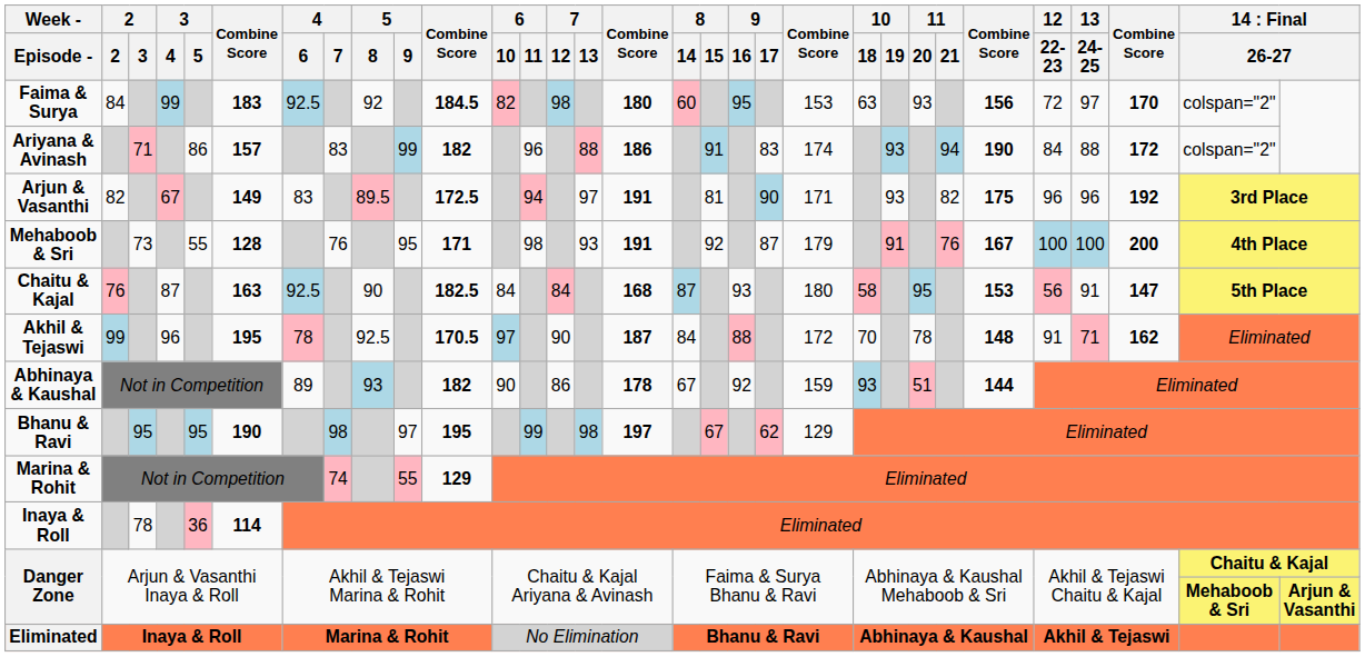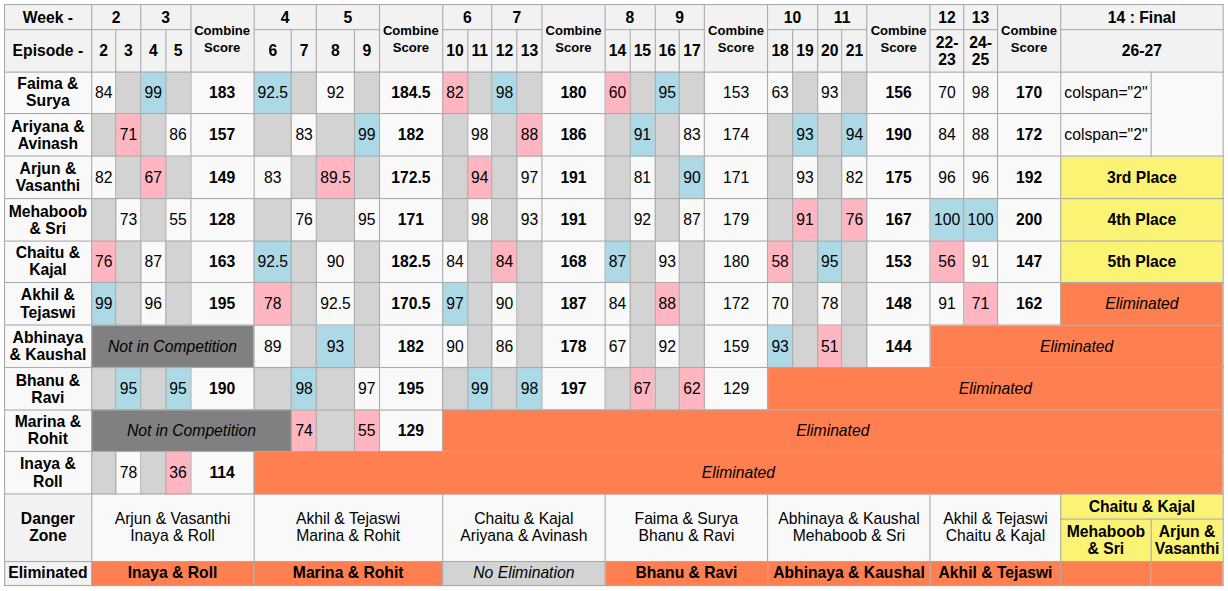 <table class="wikitable sortable" style="text-align:center; font-size:90%;">
 <tr>
 <th>Week -</th>
 <th colspan="2">2</th>
 <th colspan="2">3</th>
 <th rowspan="2"><small>Combine<br>Score</small></th>
 <th colspan="2">4</th>
 <th colspan="2">5</th>
 <th rowspan="2"><small>Combine<br>Score</small></th>
 <th colspan="2">6</th>
 <th colspan="2">7</th>
 <th rowspan="2"><small>Combine<br>Score</small></th>
 <th colspan="2">8</th>
 <th colspan="2">9</th>
 <th rowspan="2"><small>Combine<br>Score</small></th>
 <th colspan="2">10</th>
 <th colspan="2">11</th>
 <th rowspan="2"><small>Combine<br>Score</small></th>
 <th>12</th>
 <th>13</th>
 <th rowspan="2"><small>Combine<br>Score</small></th>
 <th colspan="2">14 : Final</th>
 </tr>
 <tr>
 <th>Episode -</th>
 <th>2</th>
 <th>3</th>
 <th>4</th>
 <th>5</th>
 <th>6</th>
 <th>7</th>
 <th>8</th>
 <th>9</th>
 <th>10</th>
 <th>11</th>
 <th>12</th>
 <th>13</th>
 <th>14</th>
 <th>15</th>
 <th>16</th>
 <th>17</th>
 <th>18</th>
 <th>19</th>
 <th>20</th>
 <th>21</th>
 <th>22-23</th>
 <th>24-25</th>
 <th colspan="2">26-27</th>
 </tr>
 <tr>
 <td><strong>Faima & Surya</strong></td>
 <td>84</td>
 <td bgcolor="lightgrey"></td>
 <td bgcolor="lightblue">99</td>
 <td bgcolor="lightgrey"></td>
 <td><strong>183</strong></td>
 <td bgcolor="lightblue">92.5</td>
 <td bgcolor="lightgrey"></td>
 <td>92</td>
 <td bgcolor="lightgrey"></td>
 <td><strong>184.5</strong></td>
 <td bgcolor="lightpink">82</td>
 <td bgcolor="lightgrey"></td>
 <td bgcolor="lightblue">98</td>
 <td bgcolor="lightgrey"></td>
 <td><strong>180</strong></td>
 <td bgcolor="lightpink">60</td>
 <td bgcolor="lightgrey"></td>
 <td bgcolor="lightblue">95</td>
 <td bgcolor="lightgrey"></td>
 <td>153</td>
 <td>63</td>
 <td bgcolor="lightgrey"></td>
 <td>93</td>
 <td bgcolor="lightgrey"></td>
 <td><strong>156</strong></td>
-<td>72</td>
-<td>97</td>
+<td>70</td>
+<td>98</td>
 <td><strong>170</strong></td>
 <td>colspan="2" </td>
 </tr>
 <tr>
 <td><strong>Ariyana & Avinash</strong></td>
 <td bgcolor="lightgrey"></td>
 <td bgcolor="lightpink">71</td>
 <td bgcolor="lightgrey"></td>
 <td>86</td>
 <td><strong>157</strong></td>
 <td bgcolor="lightgrey"></td>
 <td>83</td>
 <td bgcolor="lightgrey"></td>
 <td bgcolor="lightblue">99</td>
 <td><strong>182</strong></td>
 <td bgcolor="lightgrey"></td>
-<td>96</td>
+<td>98</td>
 <td bgcolor="lightgrey"></td>
 <td bgcolor="lightpink">88</td>
 <td><strong>186</strong></td>
 <td bgcolor="lightgrey"></td>
 <td bgcolor="lightblue">91</td>
 <td bgcolor="lightgrey"></td>
 <td>83</td>
 <td>174</td>
 <td bgcolor="lightgrey"></td>
 <td bgcolor="lightblue">93</td>
 <td bgcolor="lightgrey"></td>
 <td bgcolor="lightblue">94</td>
 <td><strong>190</strong></td>
 <td>84</td>
 <td>88</td>
 <td><strong>172</strong></td>
 <td>colspan="2" </td>
 </tr>
 <tr>
 <td><strong>Arjun & Vasanthi</strong></td>
 <td>82</td>
 <td bgcolor="lightgrey"></td>
 <td bgcolor="lightpink">67</td>
 <td bgcolor="lightgrey"></td>
 <td><strong>149</strong></td>
 <td>83</td>
 <td bgcolor="lightgrey"></td>
 <td bgcolor="lightpink">89.5</td>
 <td bgcolor="lightgrey"></td>
 <td><strong>172.5</strong></td>
 <td bgcolor="lightgrey"></td>
 <td bgcolor="lightpink">94</td>
 <td bgcolor="lightgrey"></td>
 <td>97</td>
 <td><strong>191</strong></td>
 <td bgcolor="lightgrey"></td>
 <td>81</td>
 <td bgcolor="lightgrey"></td>
 <td bgcolor="lightblue">90</td>
 <td>171</td>
 <td bgcolor="lightgrey"></td>
 <td>93</td>
 <td bgcolor="lightgrey"></td>
 <td>82</td>
 <td><strong>175</strong></td>
 <td>96</td>
 <td>96</td>
 <td><strong>192</strong></td>
 <td colspan="2" style="background:#FBF373;"><strong>3rd Place</strong></td>
 </tr>
 <tr>
 <td><strong>Mehaboob & Sri</strong></td>
 <td bgcolor="lightgrey"></td>
 <td>73</td>
 <td bgcolor="lightgrey"></td>
 <td>55</td>
 <td><strong>128</strong></td>
 <td bgcolor="lightgrey"></td>
 <td>76</td>
 <td bgcolor="lightgrey"></td>
 <td>95</td>
 <td><strong>171</strong></td>
 <td bgcolor="lightgrey"></td>
 <td>98</td>
 <td bgcolor="lightgrey"></td>
 <td>93</td>
 <td><strong>191</strong></td>
 <td bgcolor="lightgrey"></td>
 <td>92</td>
 <td bgcolor="lightgrey"></td>
 <td>87</td>
 <td>179</td>
 <td bgcolor="lightgrey"></td>
 <td bgcolor="lightpink">91</td>
 <td bgcolor="lightgrey"></td>
 <td bgcolor="lightpink">76</td>
 <td><strong>167</strong></td>
 <td bgcolor="lightblue">100</td>
 <td bgcolor="lightblue">100</td>
 <td><strong>200</strong></td>
 <td colspan="2" style="background:#FBF373;"><strong>4th Place</strong></td>
 </tr>
 <tr>
 <td><strong>Chaitu & Kajal</strong></td>
 <td bgcolor="lightpink">76</td>
 <td bgcolor="lightgrey"></td>
 <td>87</td>
 <td bgcolor="lightgrey"></td>
 <td><strong>163</strong></td>
 <td bgcolor="lightblue">92.5</td>
 <td bgcolor="lightgrey"></td>
 <td>90</td>
 <td bgcolor="lightgrey"></td>
 <td><strong>182.5</strong></td>
 <td>84</td>
 <td bgcolor="lightgrey"></td>
 <td bgcolor="lightpink">84</td>
 <td bgcolor="lightgrey"></td>
 <td><strong>168</strong></td>
 <td bgcolor="lightblue">87</td>
 <td bgcolor="lightgrey"></td>
 <td>93</td>
 <td bgcolor="lightgrey"></td>
 <td>180</td>
 <td bgcolor="lightpink">58</td>
 <td bgcolor="lightgrey"></td>
 <td bgcolor="lightblue">95</td>
 <td bgcolor="lightgrey"></td>
 <td><strong>153</strong></td>
 <td bgcolor="lightpink">56</td>
 <td>91</td>
 <td><strong>147</strong></td>
 <td colspan="2" style="background:#FBF373;"><strong>5th Place</strong></td>
 </tr>
 <tr>
 <td><strong>Akhil & Tejaswi</strong></td>
 <td bgcolor="lightblue">99</td>
 <td bgcolor="lightgrey"></td>
 <td>96</td>
 <td bgcolor="lightgrey"></td>
 <td><strong>195</strong></td>
 <td bgcolor="lightpink">78</td>
 <td bgcolor="lightgrey"></td>
 <td>92.5</td>
 <td bgcolor="lightgrey"></td>
 <td><strong>170.5</strong></td>
 <td bgcolor="lightblue">97</td>
 <td bgcolor="lightgrey"></td>
 <td>90</td>
 <td bgcolor="lightgrey"></td>
 <td><strong>187</strong></td>
 <td>84</td>
 <td bgcolor="lightgrey"></td>
 <td bgcolor="lightpink">88</td>
 <td bgcolor="lightgrey"></td>
 <td>172</td>
 <td>70</td>
 <td bgcolor="lightgrey"></td>
 <td>78</td>
 <td bgcolor="lightgrey"></td>
 <td><strong>148</strong></td>
 <td>91</td>
 <td bgcolor="lightpink">71</td>
 <td><strong>162</strong></td>
 <td colspan="2" bgcolor="coral"><em>Eliminated</em></td>
 </tr>
 <tr>
 <td><strong>Abhinaya & Kaushal</strong></td>
 <td colspan="5" bgcolor="grey"><em>Not in Competition</em></td>
 <td>89</td>
 <td bgcolor="lightgrey"></td>
 <td bgcolor="lightblue">93</td>
 <td bgcolor="lightgrey"></td>
 <td><strong>182</strong></td>
 <td>90</td>
 <td bgcolor="lightgrey"></td>
 <td>86</td>
 <td bgcolor="lightgrey"></td>
 <td><strong>178</strong></td>
 <td>67</td>
 <td bgcolor="lightgrey"></td>
 <td>92</td>
 <td bgcolor="lightgrey"></td>
 <td>159</td>
 <td bgcolor="lightblue">93</td>
 <td bgcolor="lightgrey"></td>
 <td bgcolor="lightpink">51</td>
 <td bgcolor="lightgrey"></td>
 <td><strong>144</strong></td>
 <td colspan="5" bgcolor="coral"><em>Eliminated</em></td>
 </tr>
 <tr>
 <td><strong>Bhanu & Ravi</strong></td>
 <td bgcolor="lightgrey"></td>
 <td bgcolor="lightblue">95</td>
 <td bgcolor="lightgrey"></td>
 <td bgcolor="lightblue">95</td>
 <td><strong>190</strong></td>
 <td bgcolor="lightgrey"></td>
 <td bgcolor="lightblue">98</td>
 <td bgcolor="lightgrey"></td>
 <td>97</td>
 <td><strong>195</strong></td>
 <td bgcolor="lightgrey"></td>
 <td bgcolor="lightblue">99</td>
 <td bgcolor="lightgrey"></td>
 <td bgcolor="lightblue">98</td>
 <td><strong>197</strong></td>
 <td bgcolor="lightgrey"></td>
 <td bgcolor="lightpink">67</td>
 <td bgcolor="lightgrey"></td>
 <td bgcolor="lightpink">62</td>
 <td>129</td>
 <td colspan="10" bgcolor="coral"><em>Eliminated</em></td>
 </tr>
 <tr>
 <td><strong>Marina & Rohit</strong></td>
 <td colspan="6" bgcolor="grey"><em>Not in Competition</em></td>
 <td bgcolor="lightpink">74</td>
 <td bgcolor="lightgrey"></td>
 <td bgcolor="lightpink">55</td>
 <td><strong>129</strong></td>
 <td colspan="20" bgcolor="coral"><em>Eliminated</em></td>
 </tr>
 <tr>
 <td><strong>Inaya & Roll</strong></td>
 <td bgcolor="lightgrey"></td>
 <td>78</td>
 <td bgcolor="lightgrey"></td>
 <td bgcolor="lightpink">36</td>
 <td><strong>114</strong></td>
 <td colspan="25" bgcolor="coral"><em>Eliminated</em></td>
 </tr>
 <tr>
 <th rowspan="2">Danger Zone</th>
 <td colspan="5" rowspan="2">Arjun & Vasanthi<br>Inaya & Roll</td>
 <td colspan="5" rowspan="2">Akhil & Tejaswi<br>Marina & Rohit</td>
 <td colspan="5" rowspan="2">Chaitu & Kajal<br>Ariyana & Avinash</td>
 <td colspan="5" rowspan="2">Faima & Surya<br>Bhanu & Ravi</td>
 <td colspan="5" rowspan="2">Abhinaya & Kaushal<br>Mehaboob & Sri</td>
 <td colspan="3" rowspan="2">Akhil & Tejaswi<br>Chaitu & Kajal</td>
 <td colspan="2" style="background:#FBF373;"><strong>Chaitu & Kajal</strong></td>
 </tr>
 <tr>
 <td style="background:#FBF373;"><strong>Mehaboob & Sri</strong></td>
 <td style="background:#FBF373;"><strong>Arjun & Vasanthi</strong></td>
 </tr>
 <tr bgcolor="coral">
 <th>Eliminated</th>
 <td colspan="5"><strong>Inaya & Roll</strong></td>
 <td colspan="5"><strong>Marina & Rohit</strong></td>
 <td colspan="5" bgcolor="lightgray"><em>No Elimination</em></td>
 <td colspan="5"><strong>Bhanu & Ravi</strong></td>
 <td colspan="5"><strong>Abhinaya & Kaushal</strong></td>
 <td colspan="3"><strong>Akhil & Tejaswi</strong></td>
 <td></td>
 <td></td>
 </tr>
 </table>
